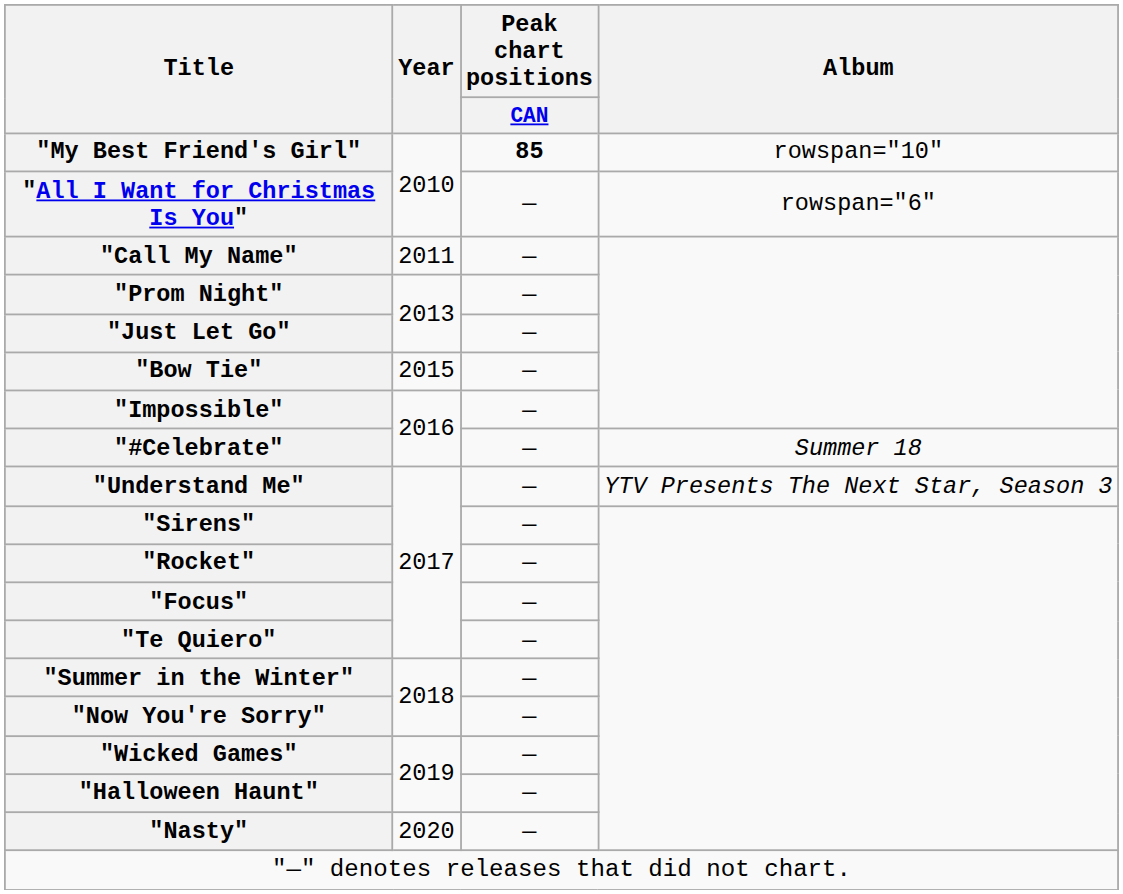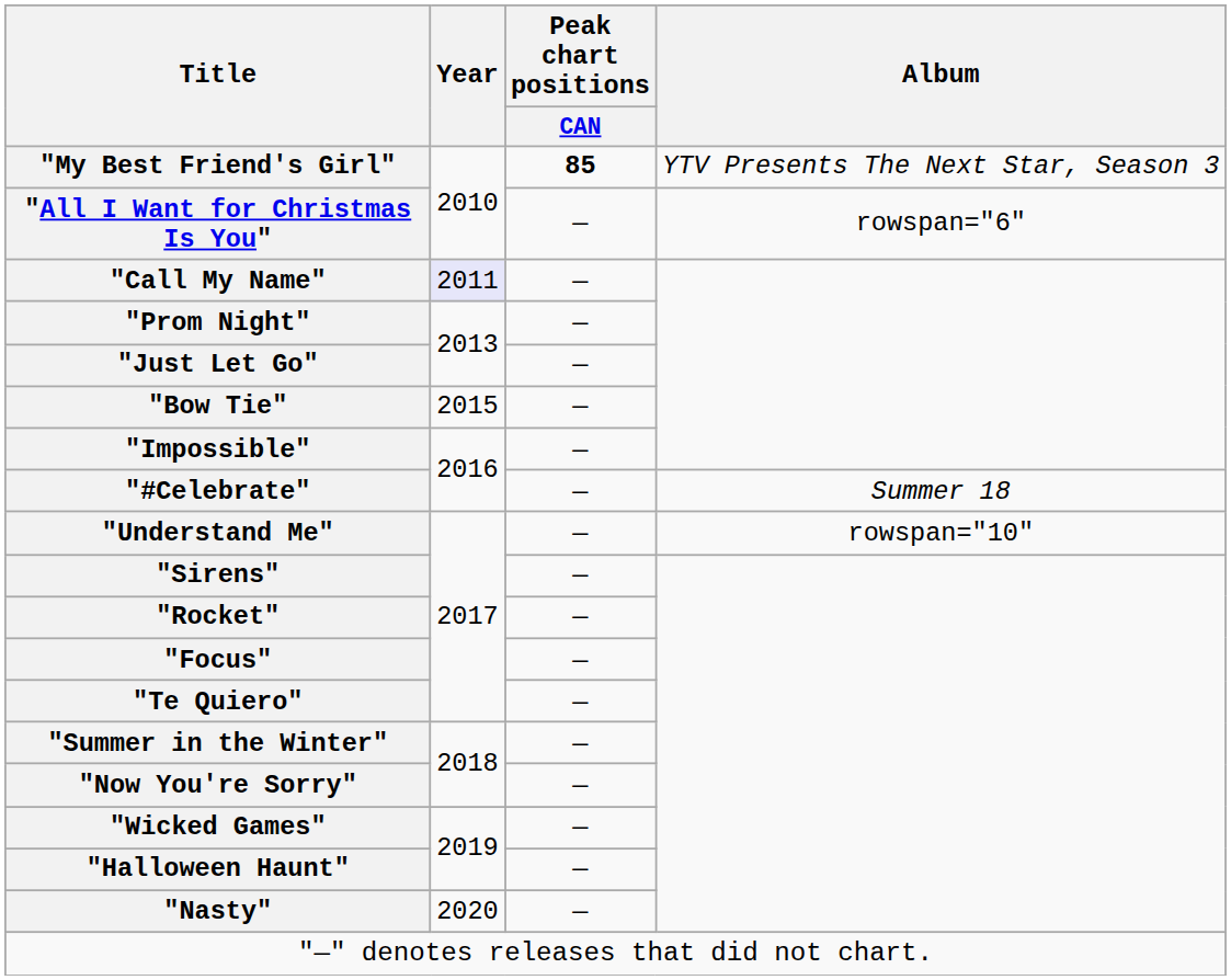 <table class="wikitable plainrowheaders" style="text-align:center;" border="1">
 <tr>
 <th rowspan="2" style="width:16em;">Title</th>
 <th rowspan="2">Year</th>
 <th colspan="1">Peak chart positions</th>
 <th rowspan="2">Album</th>
 </tr>
 <tr>
 <th scope="col" style="width:3em;font-size:90%;"><a href='#'>CAN</a><br></th>
 </tr>
 <tr>
 <th scope="row">"My Best Friend's Girl"</th>
 <td rowspan="2">2010</td>
 <td><strong>85</strong></td>
-<td>rowspan="10" </td>
+<td><em>YTV Presents The Next Star, Season 3</em></td>
 </tr>
 <tr>
 <th scope="row">"<a href='#'>All I Want for Christmas Is You</a>"<br></th>
 <td>—</td>
 <td>rowspan="6" </td>
 </tr>
 <tr>
 <th scope="row">"Call My Name"</th>
-<td>2011</td>
+<td style="background: lavender;">2011</td>
 <td>—</td>
 </tr>
 <tr>
 <th scope="row">"Prom Night"</th>
 <td rowspan="2">2013</td>
 <td>—</td>
 </tr>
 <tr>
 <th scope="row">"Just Let Go"</th>
 <td>—</td>
 </tr>
 <tr>
 <th scope="row">"Bow Tie"</th>
 <td>2015</td>
 <td>—</td>
 </tr>
 <tr>
 <th scope="row">"Impossible"</th>
 <td rowspan="2">2016</td>
 <td>—</td>
 </tr>
 <tr>
 <th scope="row">"#Celebrate"<br></th>
 <td>—</td>
 <td><em>Summer 18</em></td>
 </tr>
 <tr>
 <th scope="row">"Understand Me"</th>
 <td rowspan="5">2017</td>
 <td>—</td>
-<td><em>YTV Presents The Next Star, Season 3</em></td>
+<td>rowspan="10" </td>
 </tr>
 <tr>
 <th scope="row">"Sirens"</th>
 <td>—</td>
 </tr>
 <tr>
 <th scope="row">"Rocket"<br></th>
 <td>—</td>
 </tr>
 <tr>
 <th scope="row">"Focus"</th>
 <td>—</td>
 </tr>
 <tr>
 <th scope="row">"Te Quiero"</th>
 <td>—</td>
 </tr>
 <tr>
 <th scope="row">"Summer in the Winter"</th>
 <td rowspan="2">2018</td>
 <td>—</td>
 </tr>
 <tr>
 <th scope="row">"Now You're Sorry"<br></th>
 <td>—</td>
 </tr>
 <tr>
 <th scope="row">"Wicked Games"</th>
 <td rowspan="2">2019</td>
 <td>—</td>
 </tr>
 <tr>
 <th scope="row">"Halloween Haunt"</th>
 <td>—</td>
 </tr>
 <tr>
 <th scope="row">"Nasty"</th>
 <td>2020</td>
 <td>—</td>
 </tr>
 <tr>
 <td colspan="11" style="font-size:10pt">"—" denotes releases that did not chart.</td>
 </tr>
 </table>
